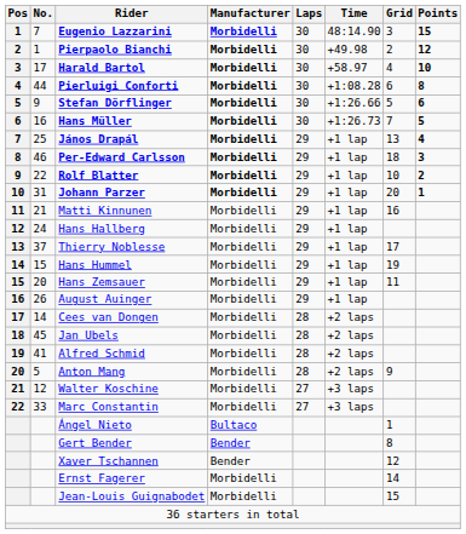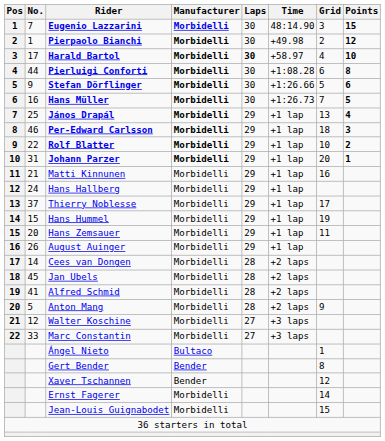 <table class="wikitable" style="font-size: 95%;">
 <tr>
 <th>Pos</th>
 <th>No.</th>
 <th>Rider</th>
 <th>Manufacturer</th>
 <th>Laps</th>
 <th>Time</th>
 <th>Grid</th>
 <th>Points</th>
 </tr>
 <tr>
 <th>1</th>
 <td>7</td>
 <td> <strong><a href='#'>Eugenio Lazzarini</a></strong></td>
 <td><strong><a href='#'>Morbidelli</a></strong></td>
 <td>30</td>
 <td>48:14.90</td>
 <td>3</td>
 <td><strong>15</strong></td>
 </tr>
 <tr>
 <th>2</th>
 <td>1</td>
 <td> <strong><a href='#'>Pierpaolo Bianchi</a></strong></td>
 <td><strong>Morbidelli</strong></td>
 <td>30</td>
 <td>+49.98</td>
 <td>2</td>
 <td><strong>12</strong></td>
 </tr>
 <tr>
 <th>3</th>
 <td>17</td>
 <td> <strong><a href='#'>Harald Bartol</a></strong></td>
 <td><strong>Morbidelli</strong></td>
-<td>30</td>
+<td><strong>30</strong></td>
 <td>+58.97</td>
 <td>4</td>
 <td><strong>10</strong></td>
 </tr>
 <tr>
 <th>4</th>
 <td>44</td>
 <td> <strong><a href='#'>Pierluigi Conforti</a></strong></td>
 <td><strong>Morbidelli</strong></td>
 <td>30</td>
 <td>+1:08.28</td>
 <td>6</td>
 <td><strong>8</strong></td>
 </tr>
 <tr>
 <th>5</th>
 <td>9</td>
 <td> <strong><a href='#'>Stefan Dörflinger</a></strong></td>
 <td><strong>Morbidelli</strong></td>
 <td>30</td>
 <td>+1:26.66</td>
 <td>5</td>
 <td><strong>6</strong></td>
 </tr>
 <tr>
 <th>6</th>
 <td>16</td>
 <td> <strong><a href='#'>Hans Müller</a></strong></td>
 <td><strong>Morbidelli</strong></td>
 <td>30</td>
 <td>+1:26.73</td>
 <td>7</td>
 <td><strong>5</strong></td>
 </tr>
 <tr>
 <th>7</th>
 <td>25</td>
 <td> <strong><a href='#'>János Drapál</a></strong></td>
 <td><strong>Morbidelli</strong></td>
 <td>29</td>
 <td>+1 lap</td>
 <td>13</td>
 <td><strong>4</strong></td>
 </tr>
 <tr>
 <th>8</th>
 <td>46</td>
 <td> <strong><a href='#'>Per-Edward Carlsson</a></strong></td>
 <td><strong>Morbidelli</strong></td>
 <td>29</td>
 <td>+1 lap</td>
 <td>18</td>
 <td><strong>3</strong></td>
 </tr>
 <tr>
 <th>9</th>
 <td>22</td>
 <td> <strong><a href='#'>Rolf Blatter</a></strong></td>
 <td><strong>Morbidelli</strong></td>
 <td>29</td>
 <td>+1 lap</td>
 <td>10</td>
 <td><strong>2</strong></td>
 </tr>
 <tr>
 <th>10</th>
 <td>31</td>
 <td> <strong><a href='#'>Johann Parzer</a></strong></td>
 <td><strong>Morbidelli</strong></td>
 <td>29</td>
 <td>+1 lap</td>
 <td>20</td>
 <td><strong>1</strong></td>
 </tr>
 <tr>
 <th>11</th>
 <td>21</td>
 <td> <a href='#'>Matti Kinnunen</a></td>
 <td>Morbidelli</td>
 <td>29</td>
 <td>+1 lap</td>
 <td>16</td>
 <td></td>
 </tr>
 <tr>
 <th>12</th>
 <td>24</td>
 <td> <a href='#'>Hans Hallberg</a></td>
 <td>Morbidelli</td>
 <td>29</td>
 <td>+1 lap</td>
 <td></td>
 <td></td>
 </tr>
 <tr>
 <th>13</th>
 <td>37</td>
 <td> <a href='#'>Thierry Noblesse</a></td>
 <td>Morbidelli</td>
 <td>29</td>
 <td>+1 lap</td>
 <td>17</td>
 <td></td>
 </tr>
 <tr>
 <th>14</th>
 <td>15</td>
 <td> <a href='#'>Hans Hummel</a></td>
 <td>Morbidelli</td>
 <td>29</td>
 <td>+1 lap</td>
 <td>19</td>
 <td></td>
 </tr>
 <tr>
 <th>15</th>
 <td>20</td>
 <td> <a href='#'>Hans Zemsauer</a></td>
 <td>Morbidelli</td>
 <td>29</td>
 <td>+1 lap</td>
 <td>11</td>
 <td></td>
 </tr>
 <tr>
 <th>16</th>
 <td>26</td>
 <td> <a href='#'>August Auinger</a></td>
 <td>Morbidelli</td>
 <td>29</td>
 <td>+1 lap</td>
 <td></td>
 <td></td>
 </tr>
 <tr>
 <th>17</th>
 <td>14</td>
 <td> <a href='#'>Cees van Dongen</a></td>
 <td>Morbidelli</td>
 <td>28</td>
 <td>+2 laps</td>
 <td></td>
 <td></td>
 </tr>
 <tr>
 <th>18</th>
 <td>45</td>
 <td> <a href='#'>Jan Ubels</a></td>
 <td>Morbidelli</td>
 <td>28</td>
 <td>+2 laps</td>
 <td></td>
 <td></td>
 </tr>
 <tr>
 <th>19</th>
 <td>41</td>
 <td> <a href='#'>Alfred Schmid</a></td>
 <td>Morbidelli</td>
 <td>28</td>
 <td>+2 laps</td>
 <td></td>
 <td></td>
 </tr>
 <tr>
 <th>20</th>
 <td>5</td>
 <td> <a href='#'>Anton Mang</a></td>
 <td>Morbidelli</td>
 <td>28</td>
 <td>+2 laps</td>
 <td>9</td>
 <td></td>
 </tr>
 <tr>
 <th>21</th>
 <td>12</td>
 <td> <a href='#'>Walter Koschine</a></td>
 <td>Morbidelli</td>
 <td>27</td>
 <td>+3 laps</td>
 <td></td>
 <td></td>
 </tr>
 <tr>
 <th>22</th>
 <td>33</td>
 <td> <a href='#'>Marc Constantin</a></td>
 <td>Morbidelli</td>
 <td>27</td>
 <td>+3 laps</td>
 <td></td>
 <td></td>
 </tr>
 <tr>
 <th></th>
 <td></td>
 <td> <a href='#'>Ángel Nieto</a></td>
 <td><a href='#'>Bultaco</a></td>
 <td></td>
 <td></td>
 <td>1</td>
 <td></td>
 </tr>
 <tr>
 <th></th>
 <td></td>
 <td> <a href='#'>Gert Bender</a></td>
 <td><a href='#'>Bender</a></td>
 <td></td>
 <td></td>
 <td>8</td>
 <td></td>
 </tr>
 <tr>
 <th></th>
 <td></td>
 <td> <a href='#'>Xaver Tschannen</a></td>
 <td>Bender</td>
 <td></td>
 <td></td>
 <td>12</td>
 <td></td>
 </tr>
 <tr>
 <th></th>
 <td></td>
 <td> <a href='#'>Ernst Fagerer</a></td>
 <td>Morbidelli</td>
 <td></td>
 <td></td>
 <td>14</td>
 <td></td>
 </tr>
 <tr>
 <th></th>
 <td></td>
 <td> <a href='#'>Jean-Louis Guignabodet</a></td>
 <td>Morbidelli</td>
 <td></td>
 <td></td>
 <td>15</td>
 <td></td>
 </tr>
 <tr>
 <td colspan=8 align=center>36 starters in total</td>
 </tr>
 <tr>
 <th colspan=8></th>
 </tr>
 </table>
